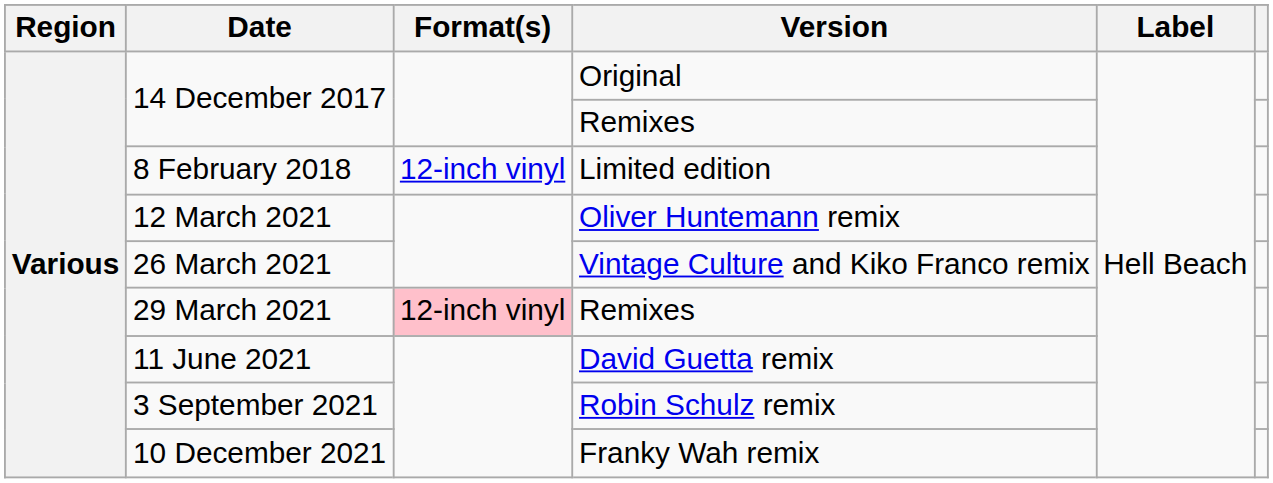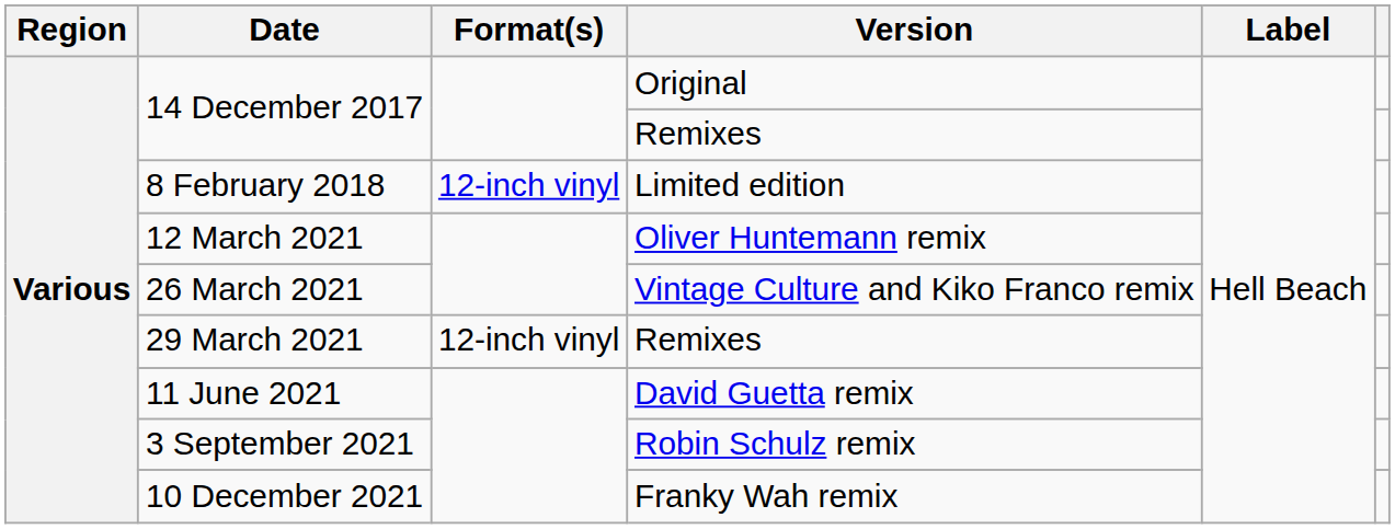 <table class="wikitable plainrowheaders">
 <tr>
 <th scope="col">Region</th>
 <th scope="col">Date</th>
 <th scope="col">Format(s)</th>
 <th scope="col">Version</th>
 <th scope="col">Label</th>
 <th scope="col"></th>
 </tr>
 <tr>
 <th scope="row" rowspan="9">Various</th>
 <td rowspan="2">14 December 2017</td>
 <td rowspan="2"></td>
 <td>Original</td>
 <td rowspan="9">Hell Beach</td>
 <td style="text-align:center;"></td>
 </tr>
 <tr>
 <td>Remixes</td>
 <td style="text-align:center;"></td>
 </tr>
 <tr>
 <td>8 February 2018</td>
 <td><a href='#'>12-inch vinyl</a></td>
 <td>Limited edition</td>
 <td style="text-align:center;"></td>
 </tr>
 <tr>
 <td>12 March 2021</td>
 <td rowspan="2"></td>
 <td><a href='#'>Oliver Huntemann</a> remix</td>
 <td style="text-align:center;"></td>
 </tr>
 <tr>
 <td>26 March 2021</td>
 <td><a href='#'>Vintage Culture</a> and Kiko Franco remix</td>
 <td style="text-align:center;"></td>
 </tr>
 <tr>
 <td>29 March 2021</td>
-<td style="background: pink;">12-inch vinyl</td>
+<td>12-inch vinyl</td>
 <td>Remixes</td>
 <td style="text-align:center;"></td>
 </tr>
 <tr>
 <td>11 June 2021</td>
 <td rowspan="3"></td>
 <td><a href='#'>David Guetta</a> remix</td>
 <td style="text-align:center;"></td>
 </tr>
 <tr>
 <td>3 September 2021</td>
 <td><a href='#'>Robin Schulz</a> remix</td>
 <td style="text-align:center;"></td>
 </tr>
 <tr>
 <td>10 December 2021</td>
 <td>Franky Wah remix</td>
 <td style="text-align:center;"></td>
 </tr>
 </table>
